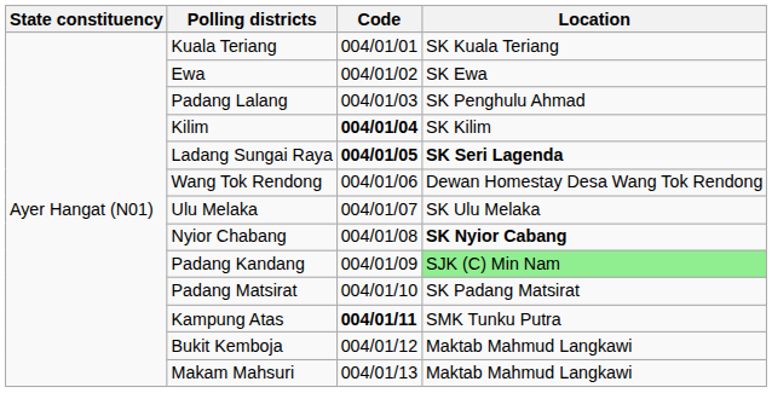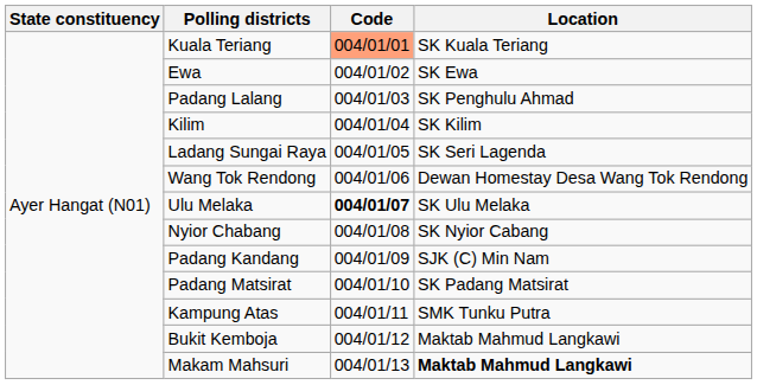 <table class="wikitable sortable mw-collapsible" style="white-space:nowrap;font-size:85%">
 <tr>
 <th>State constituency</th>
 <th>Polling districts</th>
 <th>Code</th>
 <th>Location</th>
 </tr>
 <tr>
 <td rowspan="13">Ayer Hangat (N01)</td>
 <td>Kuala Teriang</td>
-<td>004/01/01</td>
+<td style="background: lightsalmon;">004/01/01</td>
 <td>SK Kuala Teriang</td>
 </tr>
 <tr>
 <td>Ewa</td>
 <td>004/01/02</td>
 <td>SK Ewa</td>
 </tr>
 <tr>
 <td>Padang Lalang</td>
 <td>004/01/03</td>
 <td>SK Penghulu Ahmad</td>
 </tr>
 <tr>
 <td>Kilim</td>
-<td><strong>004/01/04</strong></td>
+<td>004/01/04</td>
 <td>SK Kilim</td>
 </tr>
 <tr>
 <td>Ladang Sungai Raya</td>
-<td><strong>004/01/05</strong></td>
-<td><strong>SK Seri Lagenda</strong></td>
+<td>004/01/05</td>
+<td>SK Seri Lagenda</td>
 </tr>
 <tr>
 <td>Wang Tok Rendong</td>
 <td>004/01/06</td>
 <td>Dewan Homestay Desa Wang Tok Rendong</td>
 </tr>
 <tr>
 <td>Ulu Melaka</td>
-<td>004/01/07</td>
+<td><strong>004/01/07</strong></td>
 <td>SK Ulu Melaka</td>
 </tr>
 <tr>
 <td>Nyior Chabang</td>
 <td>004/01/08</td>
-<td><strong>SK Nyior Cabang</strong></td>
+<td>SK Nyior Cabang</td>
 </tr>
 <tr>
 <td>Padang Kandang</td>
 <td>004/01/09</td>
-<td style="background: lightgreen;">SJK (C) Min Nam</td>
+<td>SJK (C) Min Nam</td>
 </tr>
 <tr>
 <td>Padang Matsirat</td>
 <td>004/01/10</td>
 <td>SK Padang Matsirat</td>
 </tr>
 <tr>
 <td>Kampung Atas</td>
-<td><strong>004/01/11</strong></td>
+<td>004/01/11</td>
 <td>SMK Tunku Putra</td>
 </tr>
 <tr>
 <td>Bukit Kemboja</td>
 <td>004/01/12</td>
 <td>Maktab Mahmud Langkawi</td>
 </tr>
 <tr>
 <td>Makam Mahsuri</td>
 <td>004/01/13</td>
-<td>Maktab Mahmud Langkawi</td>
+<td><strong>Maktab Mahmud Langkawi</strong></td>
 </tr>
 </table>
